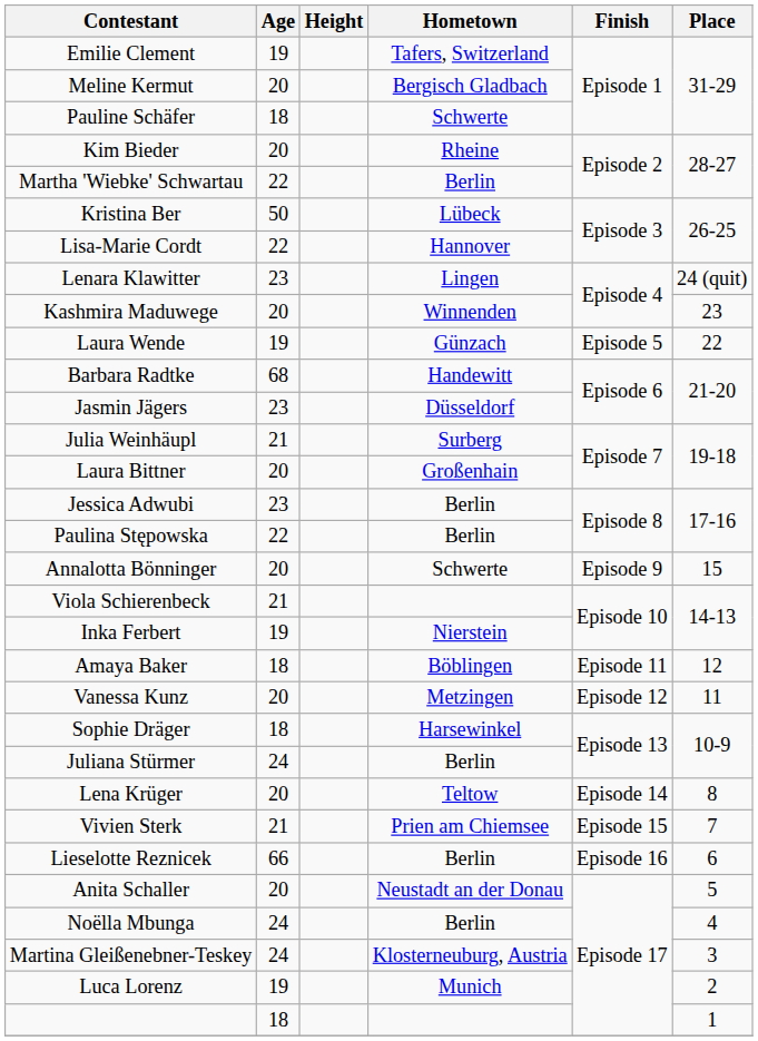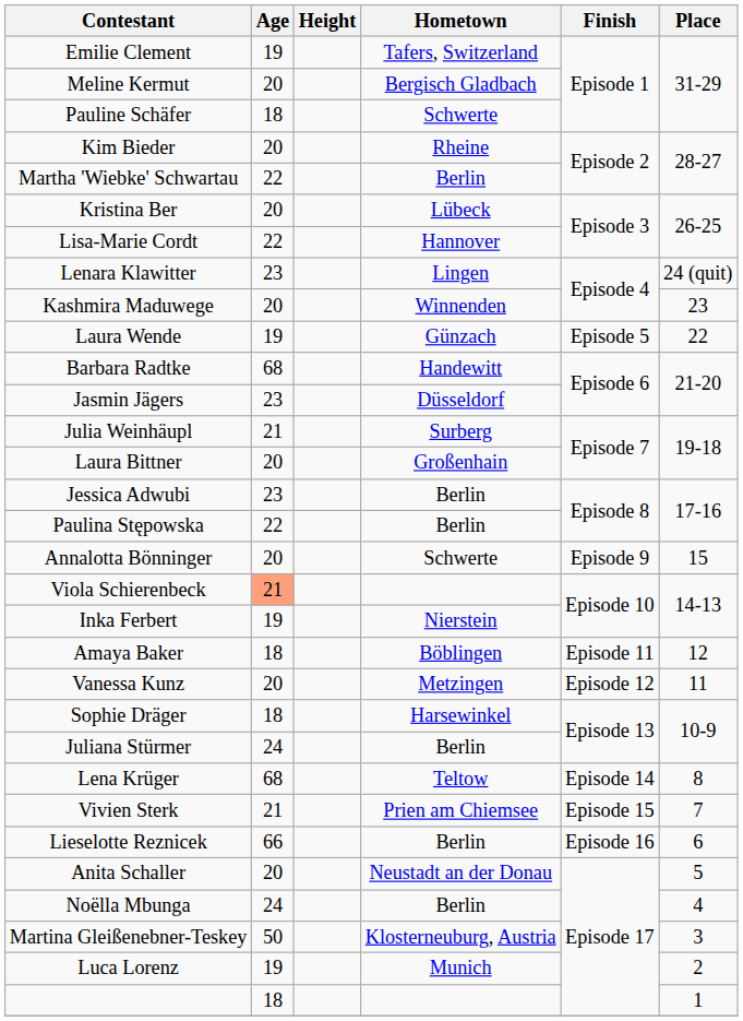 <table class="wikitable sortable" style="text-align:center;">
 <tr>
 <th>Contestant</th>
 <th>Age</th>
 <th>Height</th>
 <th>Hometown</th>
 <th>Finish</th>
 <th>Place</th>
 </tr>
 <tr>
 <td>Emilie Clement</td>
 <td>19</td>
 <td></td>
 <td><a href='#'>Tafers</a>, <a href='#'>Switzerland</a></td>
 <td rowspan="3">Episode 1</td>
 <td rowspan="3">31-29</td>
 </tr>
 <tr>
 <td>Meline Kermut</td>
 <td>20</td>
 <td></td>
 <td><a href='#'>Bergisch Gladbach</a></td>
 </tr>
 <tr>
 <td>Pauline Schäfer</td>
 <td>18</td>
 <td></td>
 <td><a href='#'>Schwerte</a></td>
 </tr>
 <tr>
 <td>Kim Bieder</td>
 <td>20</td>
 <td></td>
 <td><a href='#'>Rheine</a></td>
 <td rowspan="2">Episode 2</td>
 <td rowspan="2">28-27</td>
 </tr>
 <tr>
 <td>Martha 'Wiebke' Schwartau</td>
 <td>22</td>
 <td></td>
 <td><a href='#'>Berlin</a></td>
 </tr>
 <tr>
 <td>Kristina Ber</td>
-<td>50</td>
+<td>20</td>
 <td></td>
 <td><a href='#'>Lübeck</a></td>
 <td rowspan="2">Episode 3</td>
 <td rowspan="2">26-25</td>
 </tr>
 <tr>
 <td>Lisa-Marie Cordt</td>
 <td>22</td>
 <td></td>
 <td><a href='#'>Hannover</a></td>
 </tr>
 <tr>
 <td>Lenara Klawitter</td>
 <td>23</td>
 <td></td>
 <td><a href='#'>Lingen</a></td>
 <td rowspan="2">Episode 4</td>
 <td>24 (quit)</td>
 </tr>
 <tr>
 <td>Kashmira Maduwege</td>
 <td>20</td>
 <td></td>
 <td><a href='#'>Winnenden</a></td>
 <td>23</td>
 </tr>
 <tr>
 <td>Laura Wende</td>
 <td>19</td>
 <td></td>
 <td><a href='#'>Günzach</a></td>
 <td>Episode 5</td>
 <td>22</td>
 </tr>
 <tr>
 <td>Barbara Radtke</td>
 <td>68</td>
 <td></td>
 <td><a href='#'>Handewitt</a></td>
 <td rowspan="2">Episode 6</td>
 <td rowspan="2">21-20</td>
 </tr>
 <tr>
 <td>Jasmin Jägers</td>
 <td>23</td>
 <td></td>
 <td><a href='#'>Düsseldorf</a></td>
 </tr>
 <tr>
 <td>Julia Weinhäupl</td>
 <td>21</td>
 <td></td>
 <td><a href='#'>Surberg</a></td>
 <td rowspan="2">Episode 7</td>
 <td rowspan="2">19-18</td>
 </tr>
 <tr>
 <td>Laura Bittner</td>
 <td>20</td>
 <td></td>
 <td><a href='#'>Großenhain</a></td>
 </tr>
 <tr>
 <td>Jessica Adwubi</td>
 <td>23</td>
 <td></td>
 <td>Berlin</td>
 <td rowspan="2">Episode 8</td>
 <td rowspan="2">17-16</td>
 </tr>
 <tr>
 <td>Paulina Stępowska</td>
 <td>22</td>
 <td></td>
 <td>Berlin</td>
 </tr>
 <tr>
 <td>Annalotta Bönninger</td>
 <td>20</td>
 <td></td>
 <td>Schwerte</td>
 <td>Episode 9</td>
 <td>15</td>
 </tr>
 <tr>
 <td>Viola Schierenbeck</td>
-<td>21</td>
+<td style="background: lightsalmon;">21</td>
 <td></td>
 <td></td>
 <td rowspan="2">Episode 10</td>
 <td rowspan="2">14-13</td>
 </tr>
 <tr>
 <td>Inka Ferbert</td>
 <td>19</td>
 <td></td>
 <td><a href='#'>Nierstein</a></td>
 </tr>
 <tr>
 <td>Amaya Baker</td>
 <td>18</td>
 <td></td>
 <td><a href='#'>Böblingen</a></td>
 <td>Episode 11</td>
 <td>12</td>
 </tr>
 <tr>
 <td>Vanessa Kunz</td>
 <td>20</td>
 <td></td>
 <td><a href='#'>Metzingen</a></td>
 <td>Episode 12</td>
 <td>11</td>
 </tr>
 <tr>
 <td>Sophie Dräger</td>
 <td>18</td>
 <td></td>
 <td><a href='#'>Harsewinkel</a></td>
 <td rowspan="2">Episode 13</td>
 <td rowspan="2">10-9</td>
 </tr>
 <tr>
 <td>Juliana Stürmer</td>
 <td>24</td>
 <td></td>
 <td>Berlin</td>
 </tr>
 <tr>
 <td>Lena Krüger</td>
-<td>20</td>
+<td>68</td>
 <td></td>
 <td><a href='#'>Teltow</a></td>
 <td>Episode 14</td>
 <td>8</td>
 </tr>
 <tr>
 <td>Vivien Sterk</td>
 <td>21</td>
 <td></td>
 <td><a href='#'>Prien am Chiemsee</a></td>
 <td>Episode 15</td>
 <td>7</td>
 </tr>
 <tr>
 <td>Lieselotte Reznicek</td>
 <td>66</td>
 <td></td>
 <td>Berlin</td>
 <td>Episode 16</td>
 <td>6</td>
 </tr>
 <tr>
 <td>Anita Schaller</td>
 <td>20</td>
 <td></td>
 <td><a href='#'>Neustadt an der Donau</a></td>
 <td rowspan="5">Episode 17</td>
 <td>5</td>
 </tr>
 <tr>
 <td>Noëlla Mbunga</td>
 <td>24</td>
 <td></td>
 <td>Berlin</td>
 <td>4</td>
 </tr>
 <tr>
 <td>Martina Gleißenebner-Teskey</td>
-<td>24</td>
+<td>50</td>
 <td></td>
 <td><a href='#'>Klosterneuburg</a>, <a href='#'>Austria</a></td>
 <td>3</td>
 </tr>
 <tr>
 <td>Luca Lorenz</td>
 <td>19</td>
 <td></td>
 <td><a href='#'>Munich</a></td>
 <td>2</td>
 </tr>
 <tr>
 <td></td>
 <td>18</td>
 <td></td>
 <td></td>
 <td>1</td>
 </tr>
 <tr>
 </tr>
 </table>
